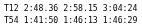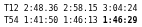 <table>
 <tr>
 <td>T12<br></td>
 <td></td>
 <td>2:48.36 <strong></strong></td>
 <td></td>
 <td>2:58.15</td>
 <td></td>
 <td>3:04:24</td>
 </tr>
 <tr>
 <td>T54<br></td>
 <td></td>
 <td>1:41:50</td>
 <td></td>
 <td>1:46:13</td>
 <td></td>
-<td>1:46:29</td>
+<td><strong>1:46:29</strong></td>
 </tr>
 </table>
